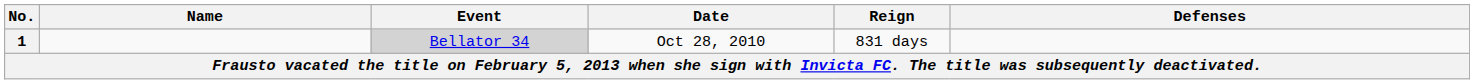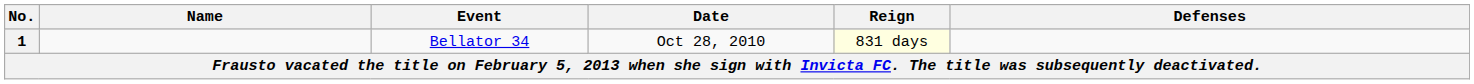 <table class="wikitable" width=100% style="text-align: center;">
 <tr>
 <th width=1%>No.</th>
 <th width=23%>Name</th>
 <th width=15%>Event</th>
 <th width=17%>Date</th>
 <th width=8%>Reign</th>
 <th width=36%>Defenses</th>
 </tr>
 <tr>
 <th>1</th>
 <td align=left><br></td>
-<td style="background: lightgrey;"><a href='#'>Bellator 34</a><br></td>
+<td><a href='#'>Bellator 34</a><br></td>
 <td>Oct 28, 2010</td>
-<td>831 days</td>
+<td style="background: lightyellow;">831 days</td>
 <td></td>
 </tr>
 <tr>
 <th colspan=6><em>Frausto vacated the title on February 5, 2013 when she sign with <a href='#'>Invicta FC</a>. The title was subsequently deactivated.</em></th>
 </tr>
 </table>
